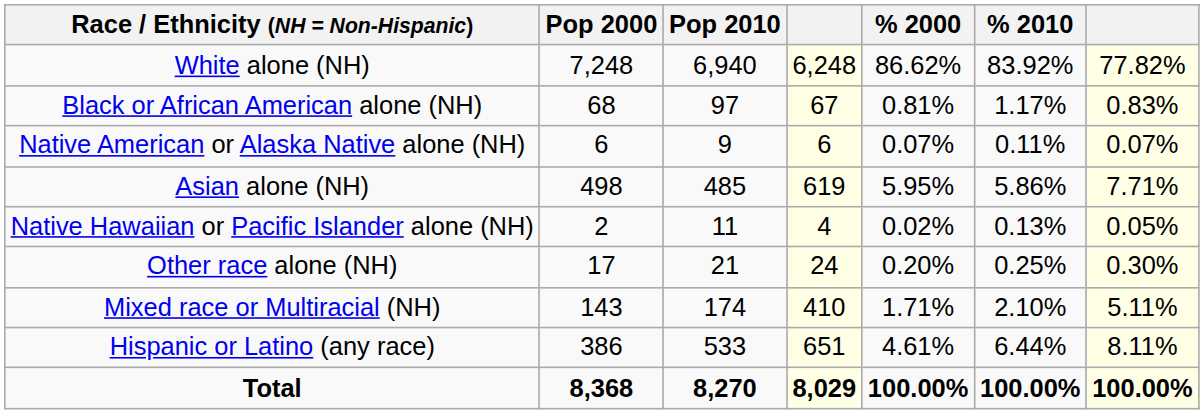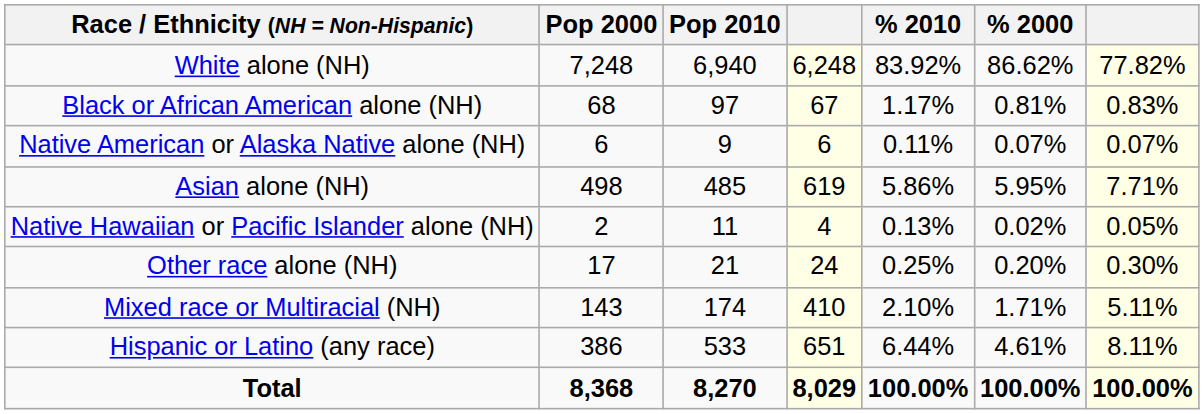 <table class="wikitable" style="text-align:center;">
 <tr>
 <th>Race / Ethnicity <small>(<em>NH = Non-Hispanic</em>)</small></th>
 <th>Pop 2000</th>
 <th>Pop 2010</th>
 <th></th>
+<th>% 2010</th>
 <th>% 2000</th>
-<th>% 2010</th>
 <th></th>
 </tr>
 <tr>
 <td><a href='#'>White</a> alone (NH)</td>
 <td>7,248</td>
 <td>6,940</td>
 <td style='background: #ffffe6;'>6,248</td>
+<td>83.92%</td>
 <td>86.62%</td>
-<td>83.92%</td>
 <td style='background: #ffffe6;'>77.82%</td>
 </tr>
 <tr>
 <td><a href='#'>Black or African American</a> alone (NH)</td>
 <td>68</td>
 <td>97</td>
 <td style='background: #ffffe6;'>67</td>
+<td>1.17%</td>
 <td>0.81%</td>
-<td>1.17%</td>
 <td style='background: #ffffe6;'>0.83%</td>
 </tr>
 <tr>
 <td><a href='#'>Native American</a> or <a href='#'>Alaska Native</a> alone (NH)</td>
 <td>6</td>
 <td>9</td>
 <td style='background: #ffffe6;'>6</td>
+<td>0.11%</td>
 <td>0.07%</td>
-<td>0.11%</td>
 <td style='background: #ffffe6;'>0.07%</td>
 </tr>
 <tr>
 <td><a href='#'>Asian</a> alone (NH)</td>
 <td>498</td>
 <td>485</td>
 <td style='background: #ffffe6;'>619</td>
+<td>5.86%</td>
 <td>5.95%</td>
-<td>5.86%</td>
 <td style='background: #ffffe6;'>7.71%</td>
 </tr>
 <tr>
 <td><a href='#'>Native Hawaiian</a> or <a href='#'>Pacific Islander</a> alone (NH)</td>
 <td>2</td>
 <td>11</td>
 <td style='background: #ffffe6;'>4</td>
+<td>0.13%</td>
 <td>0.02%</td>
-<td>0.13%</td>
 <td style='background: #ffffe6;'>0.05%</td>
 </tr>
 <tr>
 <td><a href='#'>Other race</a> alone (NH)</td>
 <td>17</td>
 <td>21</td>
 <td style='background: #ffffe6;'>24</td>
+<td>0.25%</td>
 <td>0.20%</td>
-<td>0.25%</td>
 <td style='background: #ffffe6;'>0.30%</td>
 </tr>
 <tr>
 <td><a href='#'>Mixed race or Multiracial</a> (NH)</td>
 <td>143</td>
 <td>174</td>
 <td style='background: #ffffe6;'>410</td>
+<td>2.10%</td>
 <td>1.71%</td>
-<td>2.10%</td>
 <td style='background: #ffffe6;'>5.11%</td>
 </tr>
 <tr>
 <td><a href='#'>Hispanic or Latino</a> (any race)</td>
 <td>386</td>
 <td>533</td>
 <td style='background: #ffffe6;'>651</td>
+<td>6.44%</td>
 <td>4.61%</td>
-<td>6.44%</td>
 <td style='background: #ffffe6;'>8.11%</td>
 </tr>
 <tr>
 <td><strong>Total</strong></td>
 <td><strong>8,368</strong></td>
 <td><strong>8,270</strong></td>
 <td style='background: #ffffe6;'><strong>8,029</strong></td>
 <td><strong>100.00%</strong></td>
 <td><strong>100.00%</strong></td>
 <td style='background: #ffffe6;'><strong>100.00%</strong></td>
 </tr>
 </table>
